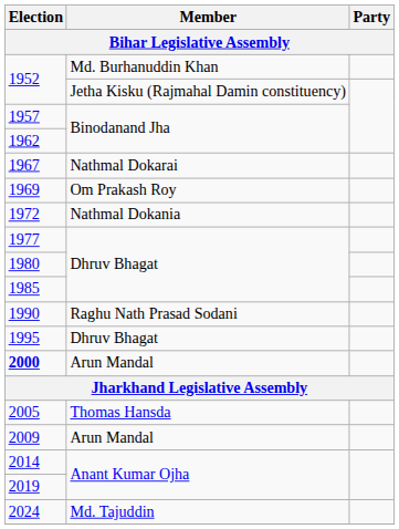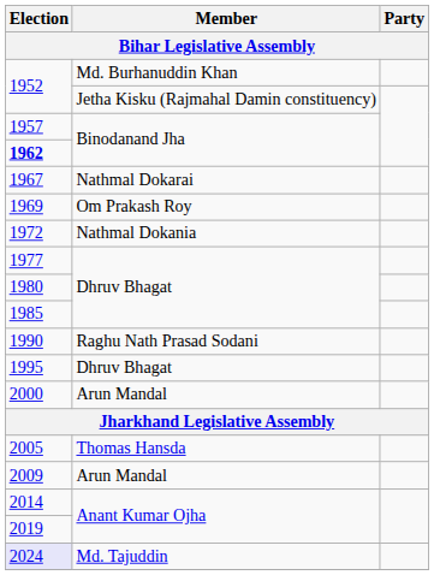 <table class="wikitable sortable">
 <tr>
 <th>Election</th>
 <th>Member</th>
 <th colspan="2">Party</th>
 </tr>
 <tr>
 <th colspan=4><a href='#'>Bihar Legislative Assembly</a></th>
 </tr>
 <tr>
 <td rowspan=2><a href='#'>1952</a></td>
 <td>Md. Burhanuddin Khan</td>
 <td></td>
 </tr>
 <tr>
 <td>Jetha Kisku (Rajmahal Damin constituency)</td>
 </tr>
 <tr>
 <td><a href='#'>1957</a></td>
 <td rowspan=2>Binodanand Jha</td>
 </tr>
 <tr>
-<td><a href='#'>1962</a></td>
+<td><strong><a href='#'>1962</a></strong></td>
 </tr>
 <tr>
 <td><a href='#'>1967</a></td>
 <td>Nathmal Dokarai</td>
 <td></td>
 </tr>
 <tr>
 <td><a href='#'>1969</a></td>
 <td>Om Prakash Roy</td>
 <td></td>
 </tr>
 <tr>
 <td><a href='#'>1972</a></td>
 <td>Nathmal Dokania</td>
 <td></td>
 </tr>
 <tr>
 <td><a href='#'>1977</a></td>
 <td rowspan=3>Dhruv Bhagat</td>
 <td></td>
 </tr>
 <tr>
 <td><a href='#'>1980</a></td>
 <td></td>
 </tr>
 <tr>
 <td><a href='#'>1985</a></td>
 </tr>
 <tr>
 <td><a href='#'>1990</a></td>
 <td>Raghu Nath Prasad Sodani</td>
 <td></td>
 </tr>
 <tr>
 <td><a href='#'>1995</a></td>
 <td>Dhruv Bhagat</td>
 <td></td>
 </tr>
 <tr>
-<td><strong><a href='#'>2000</a></strong></td>
+<td><a href='#'>2000</a></td>
 <td>Arun Mandal</td>
 </tr>
 <tr>
 <th colspan=4><a href='#'>Jharkhand Legislative Assembly</a></th>
 </tr>
 <tr>
 <td><a href='#'>2005</a></td>
 <td><a href='#'>Thomas Hansda</a></td>
 <td></td>
 </tr>
 <tr>
 <td><a href='#'>2009</a></td>
 <td>Arun Mandal</td>
 <td></td>
 </tr>
 <tr>
 <td><a href='#'>2014</a></td>
 <td rowspan=2><a href='#'>Anant Kumar Ojha</a></td>
 </tr>
 <tr>
 <td><a href='#'>2019</a></td>
 </tr>
 <tr>
-<td><a href='#'>2024</a></td>
+<td style="background: lavender;"><a href='#'>2024</a></td>
 <td><a href='#'>Md. Tajuddin</a></td>
 <td></td>
 </tr>
 <tr>
 </tr>
 </table>
